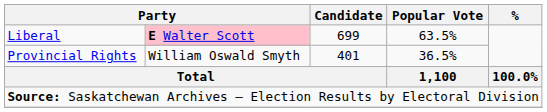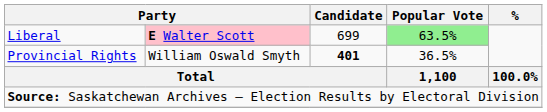 <table class="wikitable">
 <tr>
 <th colspan="2">Party</th>
 <th>Candidate</th>
 <th>Popular Vote</th>
 <th>%</th>
 </tr>
 <tr>
 <td><a href='#'>Liberal</a></td>
 <td style="background: pink;"><strong>E</strong> <a href='#'>Walter Scott</a></td>
 <td align=center>699</td>
-<td align=center>63.5%</td>
+<td align=center style="background: lightgreen;">63.5%</td>
 </tr>
 <tr>
 <td><a href='#'>Provincial Rights</a></td>
 <td>William Oswald Smyth</td>
-<td align=center>401</td>
+<td align=center><strong>401</strong></td>
 <td align=center>36.5%</td>
 </tr>
 <tr>
 <th colspan=3 align=center>Total</th>
 <th align=right>1,100</th>
 <th align=right>100.0%</th>
 </tr>
 <tr>
 <td align="center" colspan=5><strong>Source:</strong>  Saskatchewan Archives – Election Results by Electoral Division</td>
 </tr>
 <tr>
 </tr>
 </table>
